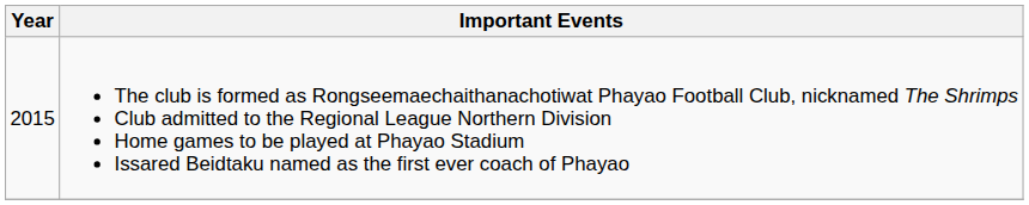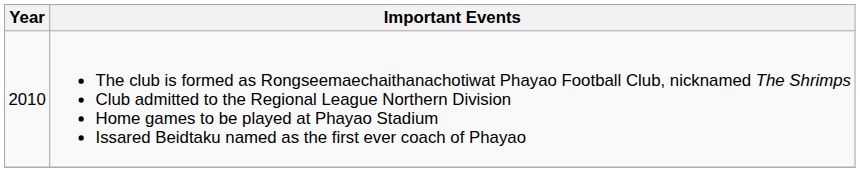 <table class="wikitable">
 <tr>
 <th>Year</th>
 <th>Important Events</th>
 </tr>
 <tr>
-<td>2015</td>
+<td>2010</td>
 <td><br><ul><li>The club is formed as Rongseemaechaithanachotiwat Phayao Football Club, nicknamed <em>The Shrimps</em></li><li>Club admitted to the Regional League Northern Division</li><li>Home games to be played at Phayao Stadium</li><li>Issared Beidtaku named as the first ever coach of Phayao</li></ul></td>
 </tr>
 <tr>
 </tr>
 </table>
